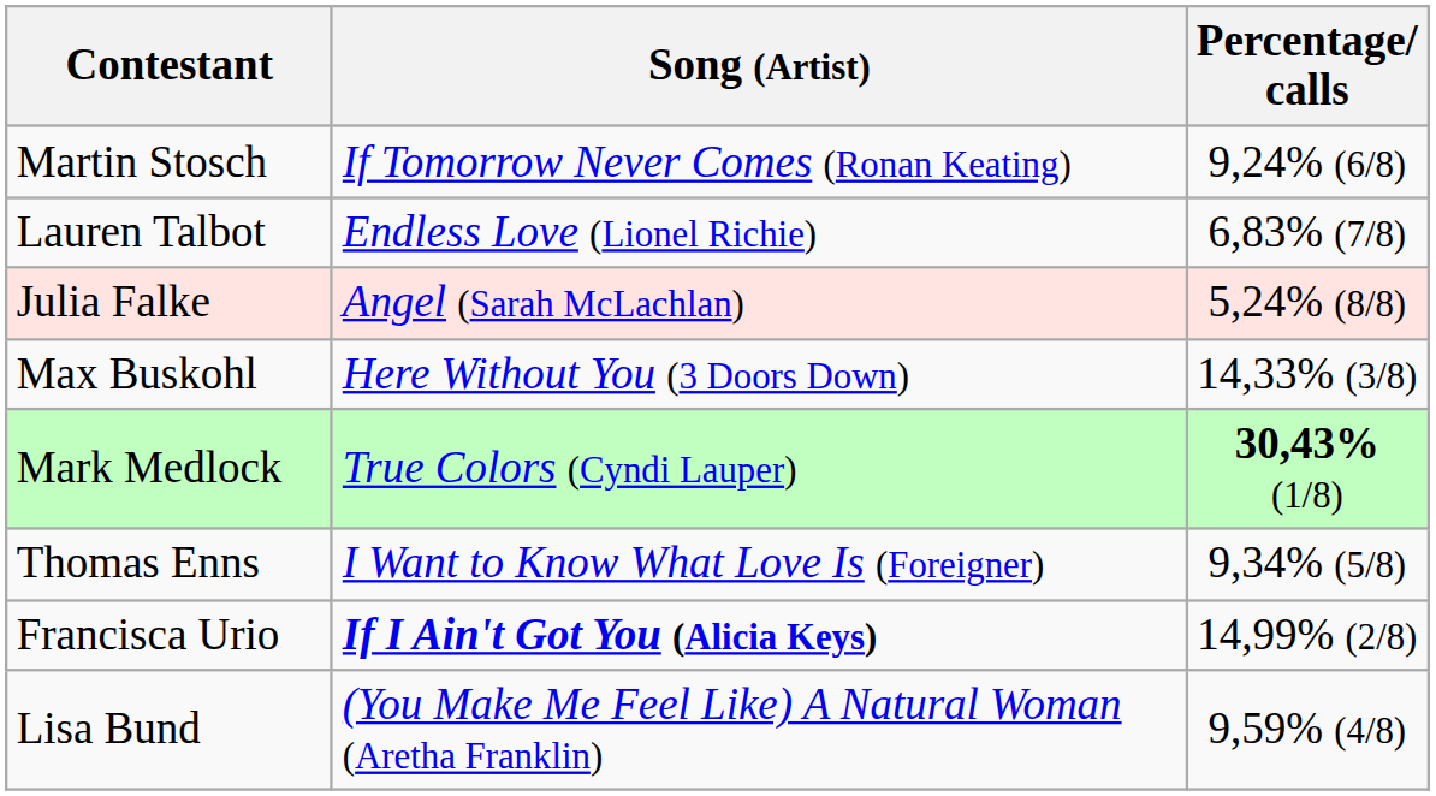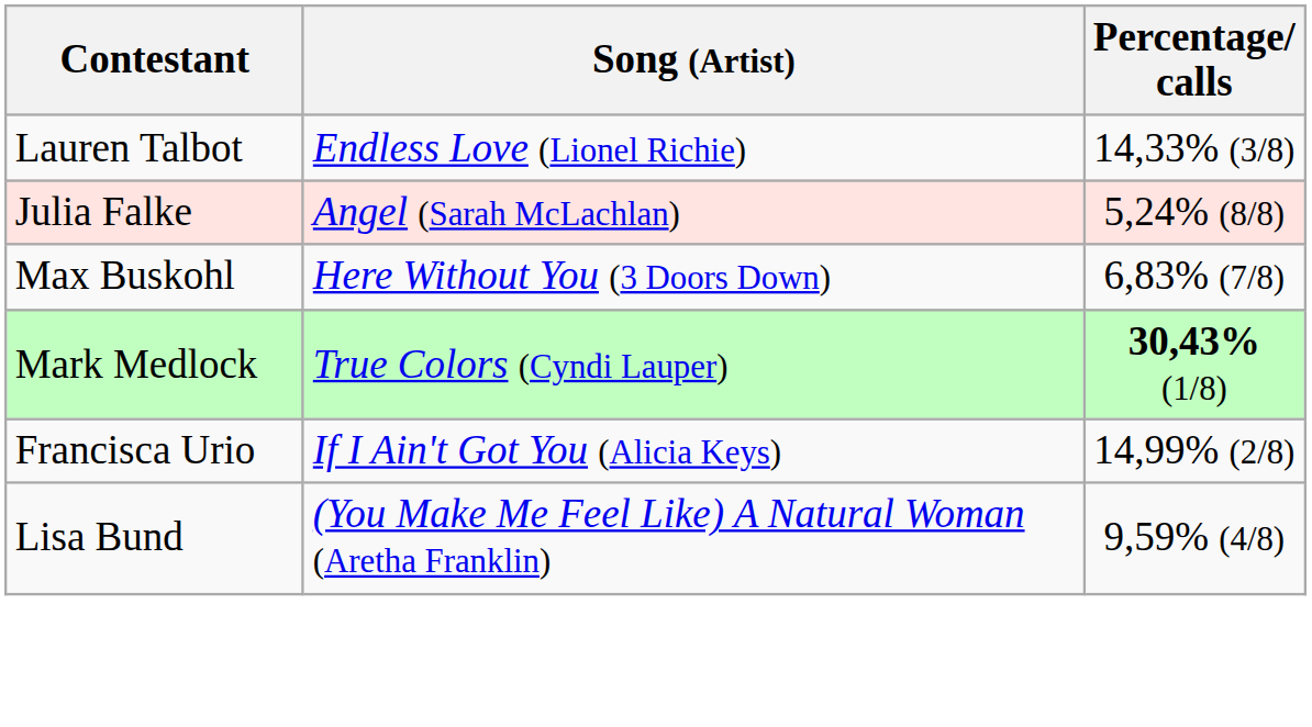 <table class="wikitable">
 <tr>
 <th width="110">Contestant</th>
 <th width="300">Song <small>(Artist)</small></th>
 <th width="28">Percentage/<br>calls</th>
 </tr>
 <tr>
-<td align="left">Martin Stosch</td>
-<td align="left"><em><a href='#'>If Tomorrow Never Comes</a></em> <small>(<a href='#'>Ronan Keating</a>)</small></td>
-<td align="center">9,24% <small>(6/8)</small></td>
-</tr>
-<tr>
 <td align="left">Lauren Talbot</td>
 <td align="left"><em><a href='#'>Endless Love</a></em> <small>(<a href='#'>Lionel Richie</a>)</small></td>
-<td align="center">6,83% <small>(7/8)</small></td>
+<td align="center">14,33% <small>(3/8)</small></td>
 </tr>
 <tr bgcolor="#FFE4E1">
 <td align="left">Julia Falke</td>
 <td align="left"><em><a href='#'>Angel</a></em> <small>(<a href='#'>Sarah McLachlan</a>)</small></td>
 <td align="center">5,24% <small>(8/8)</small></td>
 </tr>
 <tr>
 <td align="left">Max Buskohl</td>
 <td align="left"><em><a href='#'>Here Without You</a></em> <small>(<a href='#'>3 Doors Down</a>)</small></td>
-<td align="center">14,33% <small>(3/8)</small></td>
+<td align="center">6,83% <small>(7/8)</small></td>
 </tr>
 <tr bgcolor="#C1FFC1">
 <td align="left">Mark Medlock</td>
 <td align="left"><em><a href='#'>True Colors</a></em> <small>(<a href='#'>Cyndi Lauper</a>)</small></td>
 <td align="center"><strong>30,43%</strong> <small>(1/8)</small></td>
 </tr>
 <tr>
-<td align="left">Thomas Enns</td>
-<td align="left"><em><a href='#'>I Want to Know What Love Is</a></em> <small>(<a href='#'>Foreigner</a>)</small></td>
-<td align="center">9,34% <small>(5/8)</small></td>
-</tr>
-<tr>
 <td align="left">Francisca Urio</td>
-<td align="left"><strong><em><a href='#'>If I Ain't Got You</a></em> <small>(<a href='#'>Alicia Keys</a>)</small></strong></td>
+<td align="left"><em><a href='#'>If I Ain't Got You</a></em> <small>(<a href='#'>Alicia Keys</a>)</small></td>
 <td align="center">14,99% <small>(2/8)</small></td>
 </tr>
 <tr>
 <td align="left">Lisa Bund</td>
 <td align="left"><em><a href='#'>(You Make Me Feel Like) A Natural Woman</a></em> <small>(<a href='#'>Aretha Franklin</a>)</small></td>
 <td align="center">9,59% <small>(4/8)</small></td>
 </tr>
 </table>
